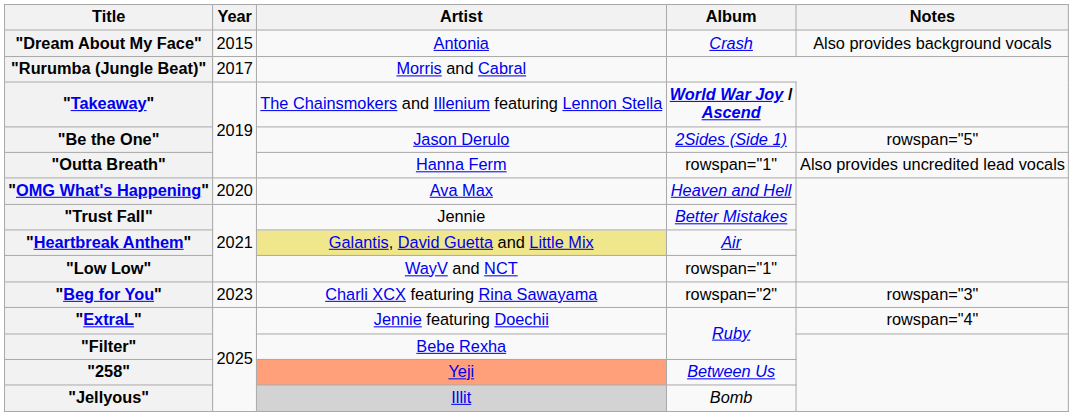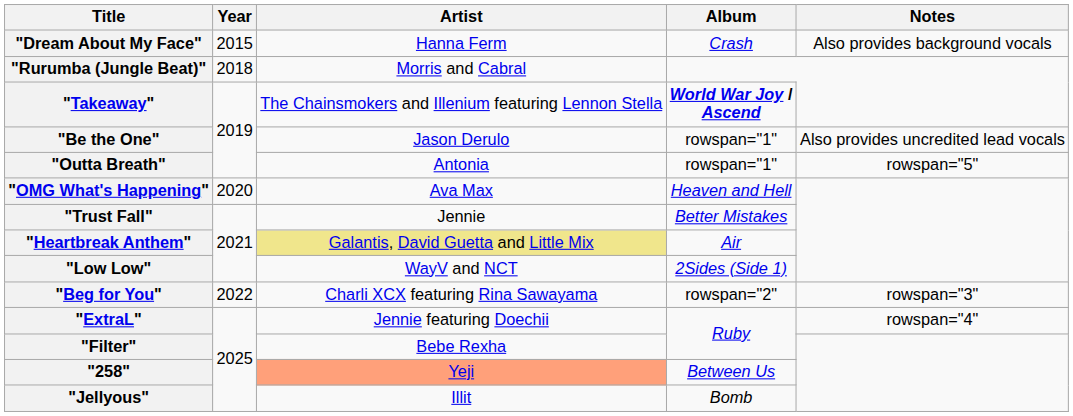 <table class="wikitable plainrowheaders" style="text-align:center;" border="1">
 <tr>
 <th scope="col">Title</th>
 <th scope="col">Year</th>
 <th scope="col">Artist</th>
 <th scope="col">Album</th>
 <th scope="col">Notes</th>
 </tr>
 <tr>
 <th scope="row">"Dream About My Face"</th>
 <td rowspan="1">2015</td>
-<td rowspan="1"><a href='#'>Antonia</a></td>
+<td rowspan="1"><a href='#'>Hanna Ferm</a></td>
 <td rowspan="1"><em><a href='#'>Crash</a></em></td>
 <td>Also provides background vocals</td>
 </tr>
 <tr>
 <th scope="row">"Rurumba (Jungle Beat)"</th>
-<td>2017</td>
+<td>2018</td>
 <td><a href='#'>Morris</a> and <a href='#'>Cabral</a></td>
 </tr>
 <tr>
 <th scope="row">"<a href='#'>Takeaway</a>"</th>
 <td rowspan="3">2019</td>
 <td rowspan="1"><a href='#'>The Chainsmokers</a> and <a href='#'>Illenium</a> featuring <a href='#'>Lennon Stella</a></td>
 <td rowspan="1"><strong><em><a href='#'>World War Joy</a></em> / <br><em><a href='#'>Ascend</a></em></strong></td>
 </tr>
 <tr>
 <th scope="row">"Be the One"</th>
 <td rowspan="1"><a href='#'>Jason Derulo</a></td>
-<td rowspan="1"><em><a href='#'>2Sides (Side 1)</a></em></td>
-<td>rowspan="5" </td>
+<td>rowspan="1" </td>
+<td>Also provides uncredited lead vocals</td>
 </tr>
 <tr>
 <th scope="row">"Outta Breath"</th>
-<td rowspan="1"><a href='#'>Hanna Ferm</a></td>
+<td rowspan="1"><a href='#'>Antonia</a></td>
 <td>rowspan="1" </td>
-<td>Also provides uncredited lead vocals</td>
+<td>rowspan="5" </td>
 </tr>
 <tr>
 <th scope="row">"<a href='#'>OMG What's Happening</a>"</th>
 <td rowspan="1">2020</td>
 <td rowspan="1"><a href='#'>Ava Max</a></td>
 <td rowspan="1"><em><a href='#'>Heaven and Hell</a></em></td>
 </tr>
 <tr>
 <th scope="row">"Trust Fall"</th>
 <td rowspan="3">2021</td>
 <td>Jennie</td>
 <td rowspan="1"><em><a href='#'>Better Mistakes</a></em></td>
 </tr>
 <tr>
 <th scope="row">"<a href='#'>Heartbreak Anthem</a>"</th>
 <td rowspan="1" style="background: khaki;"><a href='#'>Galantis</a>, <a href='#'>David Guetta</a> and <a href='#'>Little Mix</a></td>
 <td><em><a href='#'>Air</a></em></td>
 </tr>
 <tr>
 <th scope="row">"Low Low"</th>
 <td rowspan="1"><a href='#'>WayV</a> and <a href='#'>NCT</a></td>
-<td>rowspan="1" </td>
+<td rowspan="1"><em><a href='#'>2Sides (Side 1)</a></em></td>
 </tr>
 <tr>
 <th scope="row">"<a href='#'>Beg for You</a>"</th>
-<td rowspan="1">2023</td>
+<td rowspan="1">2022</td>
 <td rowspan="1"><a href='#'>Charli XCX</a> featuring <a href='#'>Rina Sawayama</a></td>
 <td>rowspan="2" </td>
 <td>rowspan="3"</td>
 </tr>
 <tr>
 <th scope="row">"<a href='#'>ExtraL</a>"</th>
 <td rowspan="4">2025</td>
 <td><a href='#'>Jennie</a> featuring <a href='#'>Doechii</a></td>
 <td rowspan="2"><em><a href='#'>Ruby</a></em></td>
 <td>rowspan="4" </td>
 </tr>
 <tr>
 <th scope="row">"Filter"</th>
 <td rowspan="1"><a href='#'>Bebe Rexha</a></td>
 </tr>
 <tr>
 <th scope="row">"258"</th>
 <td style="background: lightsalmon;"><a href='#'>Yeji</a></td>
 <td rowspan="1"><em><a href='#'>Between Us</a></em></td>
 </tr>
 <tr>
 <th scope="row">"Jellyous"</th>
-<td style="background: lightgrey;"><a href='#'>Illit</a></td>
+<td><a href='#'>Illit</a></td>
 <td><em>Bomb</em></td>
 </tr>
 </table>
